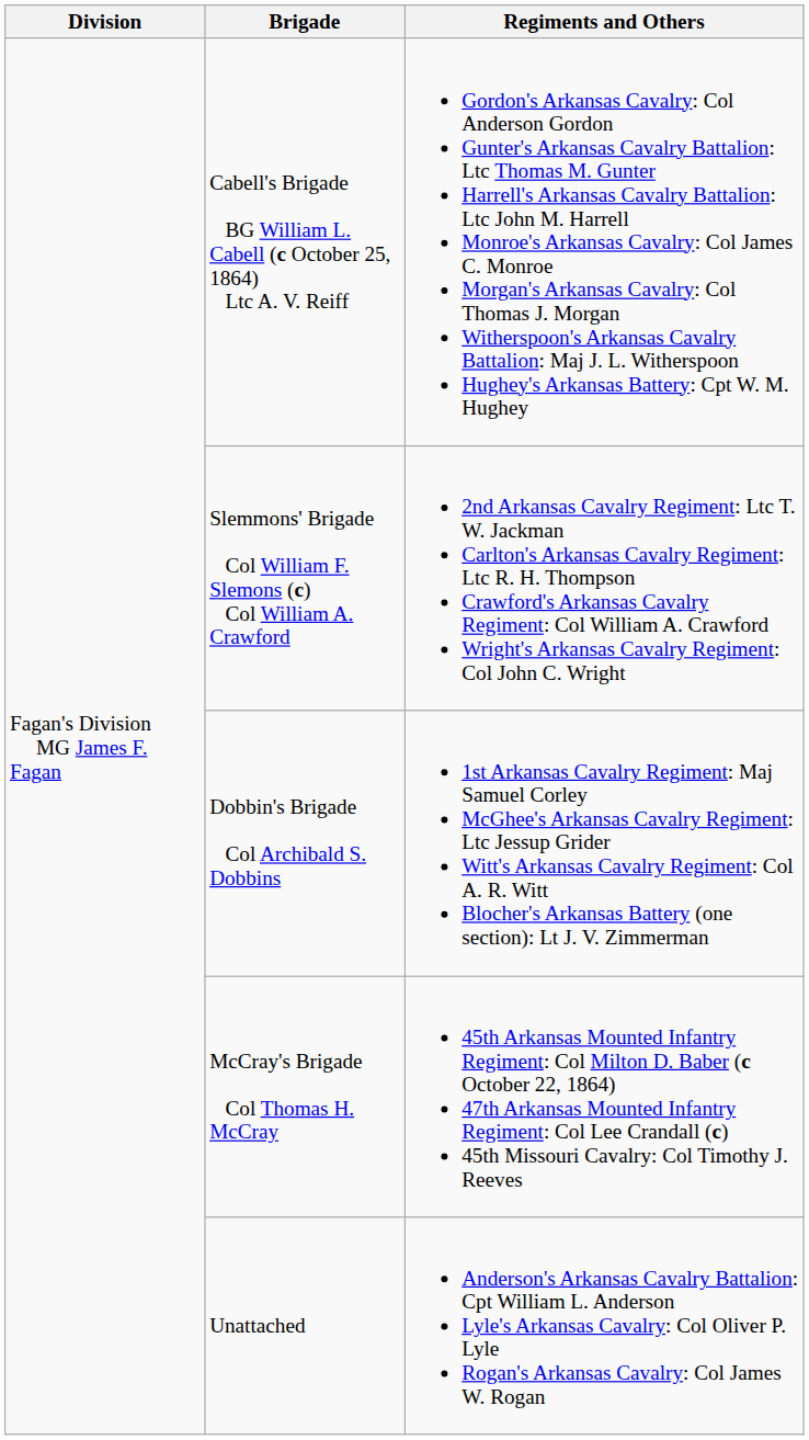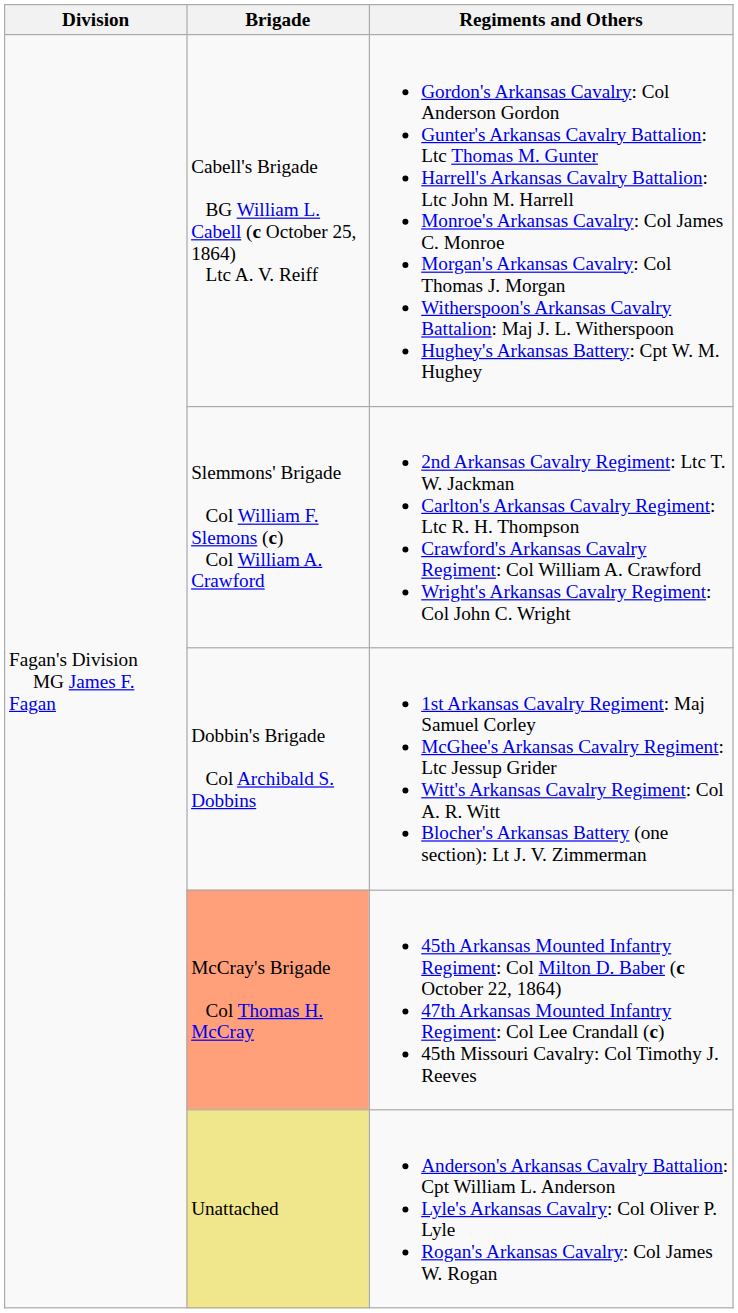 <table class="wikitable">
 <tr>
 <th width=25%>Division</th>
 <th width=25%>Brigade</th>
 <th>Regiments and Others</th>
 </tr>
 <tr>
 <td rowspan=5><br>Fagan's Division <br>     MG <a href='#'>James F. Fagan</a><br></td>
 <td>Cabell's Brigade<br><br>   BG <a href='#'>William L. Cabell</a> (<strong>c</strong> October 25, 1864)<br>   Ltc A. V. Reiff</td>
 <td><br><ul><li><a href='#'>Gordon's Arkansas Cavalry</a>: Col Anderson Gordon</li><li><a href='#'>Gunter's Arkansas Cavalry Battalion</a>: Ltc <a href='#'>Thomas M. Gunter</a></li><li><a href='#'>Harrell's Arkansas Cavalry Battalion</a>: Ltc John M. Harrell</li><li><a href='#'>Monroe's Arkansas Cavalry</a>: Col James C. Monroe</li><li><a href='#'>Morgan's Arkansas Cavalry</a>: Col Thomas J. Morgan</li><li><a href='#'>Witherspoon's Arkansas Cavalry Battalion</a>: Maj J. L. Witherspoon</li><li><a href='#'>Hughey's Arkansas Battery</a>: Cpt W. M. Hughey</li></ul></td>
 </tr>
 <tr>
 <td>Slemmons' Brigade<br><br>   Col <a href='#'>William F. Slemons</a> (<strong>c</strong>)<br>   Col <a href='#'>William A. Crawford</a></td>
 <td><br><ul><li><a href='#'>2nd Arkansas Cavalry Regiment</a>: Ltc T. W. Jackman</li><li><a href='#'>Carlton's Arkansas Cavalry Regiment</a>: Ltc R. H. Thompson</li><li><a href='#'>Crawford's Arkansas Cavalry Regiment</a>: Col William A. Crawford</li><li><a href='#'>Wright's Arkansas Cavalry Regiment</a>: Col John C. Wright</li></ul></td>
 </tr>
 <tr>
 <td>Dobbin's Brigade<br><br>   Col <a href='#'>Archibald S. Dobbins</a></td>
 <td><br><ul><li><a href='#'>1st Arkansas Cavalry Regiment</a>: Maj Samuel Corley</li><li><a href='#'>McGhee's Arkansas Cavalry Regiment</a>: Ltc Jessup Grider</li><li><a href='#'>Witt's Arkansas Cavalry Regiment</a>: Col A. R. Witt</li><li><a href='#'>Blocher's Arkansas Battery</a> (one section): Lt J. V. Zimmerman</li></ul></td>
 </tr>
 <tr>
-<td>McCray's Brigade<br><br>   Col <a href='#'>Thomas H. McCray</a></td>
+<td style="background: lightsalmon;">McCray's Brigade<br><br>   Col <a href='#'>Thomas H. McCray</a></td>
 <td><br><ul><li><a href='#'>45th Arkansas Mounted Infantry Regiment</a>: Col <a href='#'>Milton D. Baber</a> (<strong>c</strong> October 22, 1864)</li><li><a href='#'>47th Arkansas Mounted Infantry Regiment</a>: Col Lee Crandall (<strong>c</strong>)</li><li>45th Missouri Cavalry: Col Timothy J. Reeves</li></ul></td>
 </tr>
 <tr>
-<td>Unattached</td>
+<td style="background: khaki;">Unattached</td>
 <td><br><ul><li><a href='#'>Anderson's Arkansas Cavalry Battalion</a>: Cpt William L. Anderson</li><li><a href='#'>Lyle's Arkansas Cavalry</a>: Col Oliver P. Lyle</li><li><a href='#'>Rogan's Arkansas Cavalry</a>: Col James W. Rogan</li></ul></td>
 </tr>
 </table>
